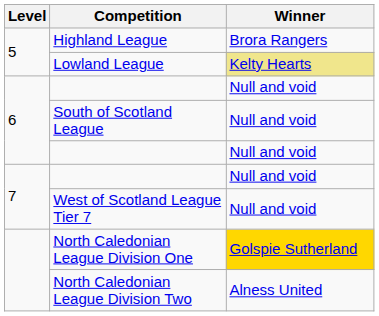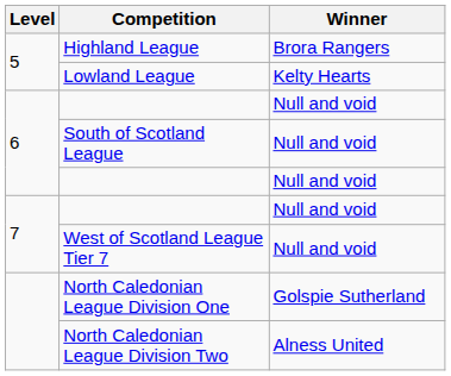 <table class="wikitable">
 <tr>
 <th>Level</th>
 <th width=180>Competition</th>
 <th width=150>Winner</th>
 </tr>
 <tr>
 <td rowspan="2">5</td>
 <td><a href='#'>Highland League</a></td>
 <td><a href='#'>Brora Rangers</a></td>
 </tr>
 <tr>
 <td><a href='#'>Lowland League</a></td>
-<td style="background: khaki;"><a href='#'>Kelty Hearts</a></td>
+<td><a href='#'>Kelty Hearts</a></td>
 </tr>
 <tr>
 <td rowspan="3">6</td>
 <td></td>
 <td><a href='#'>Null and void</a></td>
 </tr>
 <tr>
 <td><a href='#'>South of Scotland League</a></td>
 <td><a href='#'>Null and void</a></td>
 </tr>
 <tr>
 <td></td>
 <td rowspan="1"><a href='#'>Null and void</a></td>
 </tr>
 <tr>
 <td rowspan="2">7</td>
 <td></td>
 <td><a href='#'>Null and void</a></td>
 </tr>
 <tr>
 <td><a href='#'>West of Scotland League Tier 7</a></td>
 <td rowspan="1"><a href='#'>Null and void</a></td>
 </tr>
 <tr>
 <td rowspan="2"></td>
 <td><a href='#'>North Caledonian League Division One</a></td>
-<td style="background: gold;"><a href='#'>Golspie Sutherland</a></td>
+<td><a href='#'>Golspie Sutherland</a></td>
 </tr>
 <tr>
 <td><a href='#'>North Caledonian League Division Two</a></td>
 <td><a href='#'>Alness United</a></td>
 </tr>
 </table>
